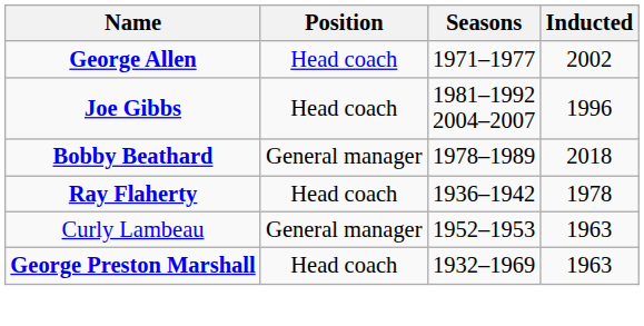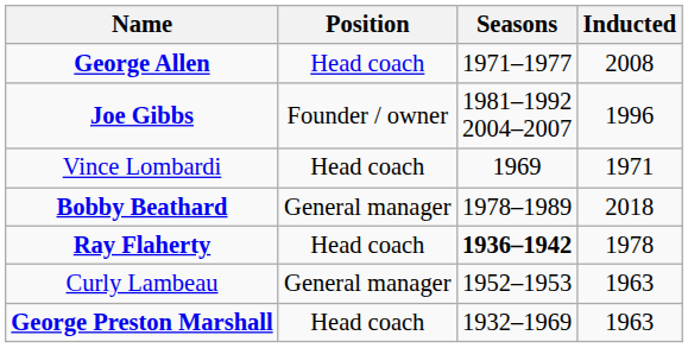 <table class="wikitable" style="text-align:center">
 <tr>
 <th>Name</th>
 <th>Position</th>
 <th>Seasons</th>
 <th>Inducted</th>
 </tr>
 <tr>
 <td><strong><a href='#'>George Allen</a></strong></td>
 <td><a href='#'>Head coach</a></td>
 <td>1971–1977</td>
-<td>2002</td>
+<td>2008</td>
 </tr>
 <tr>
 <td><strong><a href='#'>Joe Gibbs</a></strong></td>
-<td>Head coach</td>
+<td>Founder / owner</td>
 <td>1981–1992<br>2004–2007</td>
 <td>1996</td>
+</tr>
+<tr>
+<td><a href='#'>Vince Lombardi</a></td>
+<td>Head coach</td>
+<td>1969</td>
+<td>1971</td>
 </tr>
 <tr>
 <td><strong><a href='#'>Bobby Beathard</a></strong></td>
 <td>General manager</td>
 <td>1978–1989</td>
 <td>2018</td>
 </tr>
 <tr>
 <td><strong><a href='#'>Ray Flaherty</a></strong></td>
 <td>Head coach</td>
-<td>1936–1942</td>
+<td><strong>1936–1942</strong></td>
 <td>1978</td>
 </tr>
 <tr>
 <td><a href='#'>Curly Lambeau</a></td>
 <td>General manager</td>
 <td>1952–1953</td>
 <td>1963</td>
 </tr>
 <tr>
 <td><strong><a href='#'>George Preston Marshall</a></strong></td>
 <td>Head coach</td>
 <td>1932–1969</td>
 <td>1963</td>
 </tr>
 </table>
